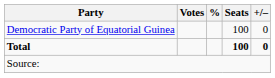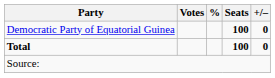 <table class=wikitable style=text-align:right>
 <tr>
 <th>Party</th>
 <th>Votes</th>
 <th>%</th>
 <th>Seats</th>
 <th>+/–</th>
 </tr>
 <tr>
 <td align=left><a href='#'>Democratic Party of Equatorial Guinea</a></td>
 <td></td>
 <td></td>
-<td>100</td>
-<td>0</td>
+<td><strong>100</strong></td>
+<td><strong>0</strong></td>
 </tr>
 <tr>
 <td align=left><strong>Total</strong></td>
 <td></td>
 <td></td>
 <td><strong>100</strong></td>
 <td><strong>0</strong></td>
 </tr>
 <tr>
 <td align=left colspan=5>Source:  </td>
 </tr>
 </table>
